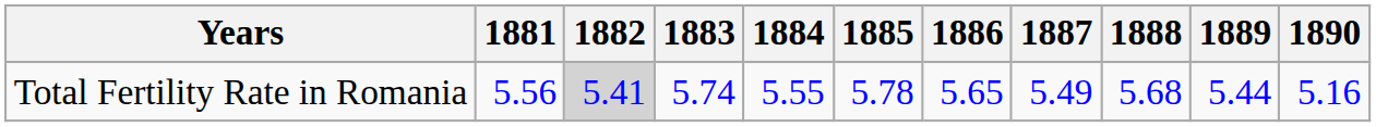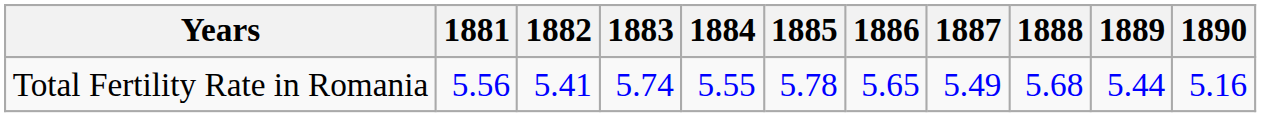 <table class="wikitable " style="text-align:right">
 <tr>
 <th>Years</th>
 <th>1881</th>
 <th>1882</th>
 <th>1883</th>
 <th>1884</th>
 <th>1885</th>
 <th>1886</th>
 <th>1887</th>
 <th>1888</th>
 <th>1889</th>
 <th>1890</th>
 </tr>
 <tr>
 <td align="left">Total Fertility Rate in Romania</td>
 <td style="text-align:right; color:blue;">5.56</td>
-<td style="background: lightgrey; text-align:right; color:blue;">5.41</td>
+<td style="text-align:right; color:blue;">5.41</td>
 <td style="text-align:right; color:blue;">5.74</td>
 <td style="text-align:right; color:blue;">5.55</td>
 <td style="text-align:right; color:blue;">5.78</td>
 <td style="text-align:right; color:blue;">5.65</td>
 <td style="text-align:right; color:blue;">5.49</td>
 <td style="text-align:right; color:blue;">5.68</td>
 <td style="text-align:right; color:blue;">5.44</td>
 <td style="text-align:right; color:blue;">5.16</td>
 </tr>
 </table>
